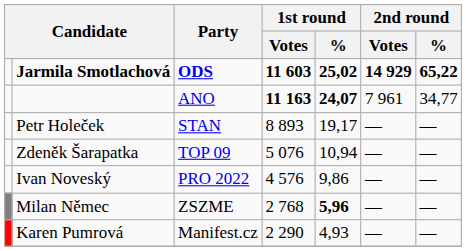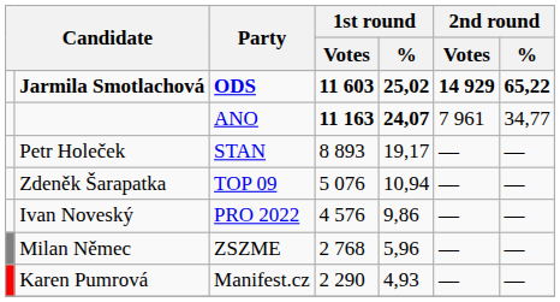 <table class="wikitable sortable">
 <tr>
 <th colspan="2" rowspan="2">Candidate</th>
 <th rowspan="2">Party</th>
 <th colspan="2">1st round</th>
 <th colspan="2">2nd round</th>
 </tr>
 <tr>
 <th>Votes</th>
 <th>%</th>
 <th>Votes</th>
 <th>%</th>
 </tr>
 <tr>
 <td style="background-color:"></td>
 <td><strong>Jarmila Smotlachová</strong></td>
 <td><strong><a href='#'>ODS</a></strong></td>
 <td><strong>11 603</strong></td>
 <td><strong>25,02</strong></td>
 <td><strong>14 929</strong></td>
 <td><strong>65,22</strong></td>
 </tr>
 <tr>
 <td style="background-color:"></td>
 <td></td>
 <td><a href='#'>ANO</a></td>
 <td><strong>11 163</strong></td>
 <td><strong>24,07</strong></td>
 <td>7 961</td>
 <td>34,77</td>
 </tr>
 <tr>
 <td style="background-color:"></td>
 <td>Petr Holeček</td>
 <td><a href='#'>STAN</a></td>
 <td>8 893</td>
 <td>19,17</td>
 <td>—</td>
 <td>—</td>
 </tr>
 <tr>
 <td style="background-color:"></td>
 <td>Zdeněk Šarapatka</td>
 <td><a href='#'>TOP 09</a></td>
 <td>5 076</td>
 <td>10,94</td>
 <td>—</td>
 <td>—</td>
 </tr>
 <tr>
 <td style="background-color:"></td>
 <td>Ivan Noveský</td>
 <td><a href='#'>PRO 2022</a></td>
 <td>4 576</td>
 <td>9,86</td>
 <td>—</td>
 <td>—</td>
 </tr>
 <tr>
 <td style="background-color:grey"v></td>
 <td>Milan Němec</td>
 <td>ZSZME</td>
 <td>2 768</td>
-<td><strong>5,96</strong></td>
+<td>5,96</td>
 <td>—</td>
 <td>—</td>
 </tr>
 <tr>
 <td style="background-color:red"></td>
 <td>Karen Pumrová</td>
 <td>Manifest.cz</td>
 <td>2 290</td>
 <td>4,93</td>
 <td>—</td>
 <td>—</td>
 </tr>
 <tr>
 </tr>
 </table>
